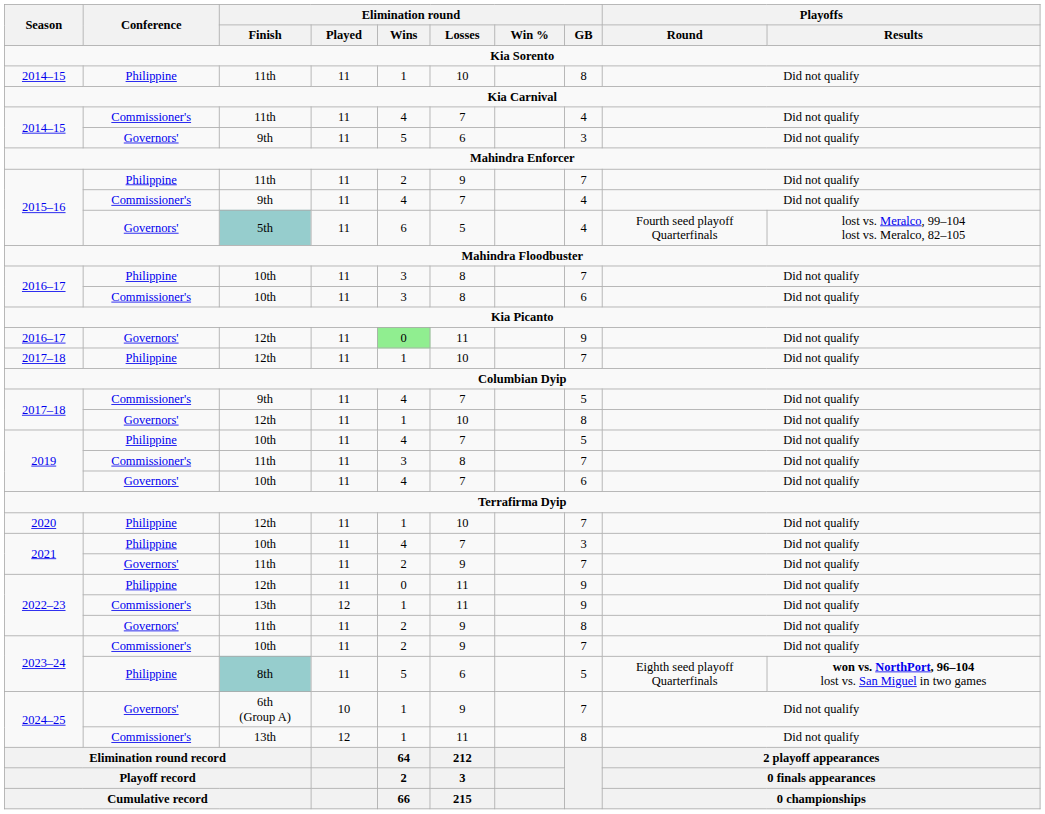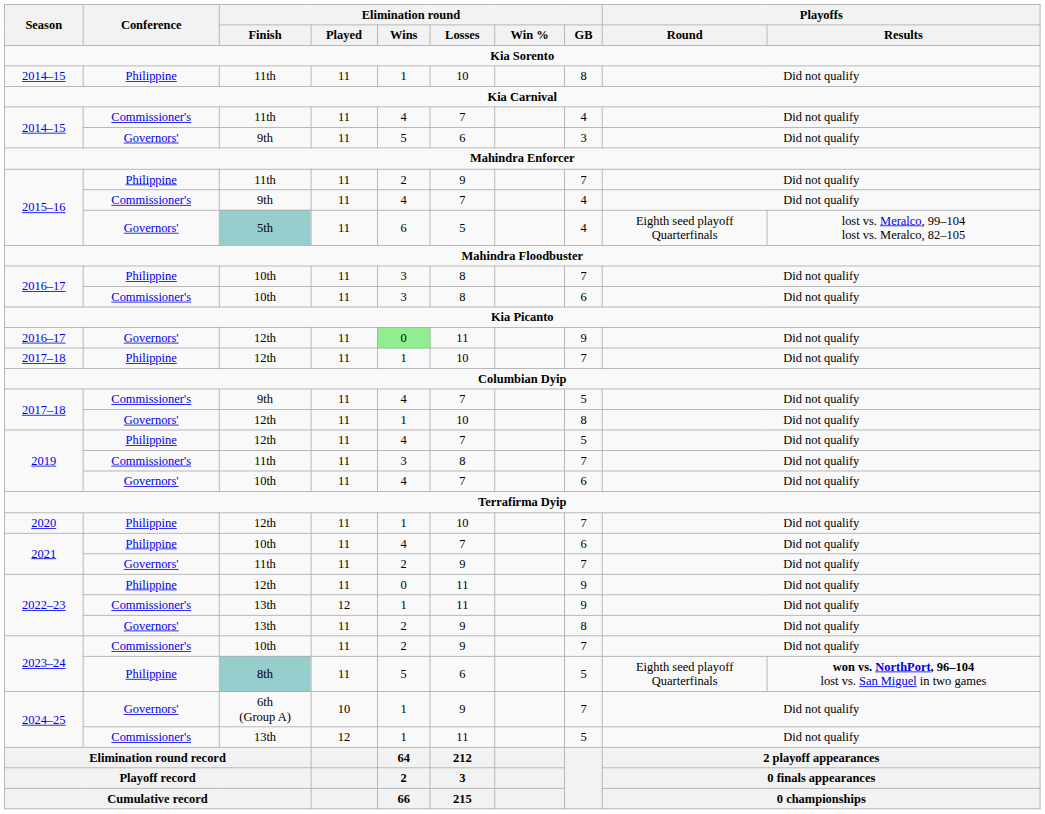 <table class="wikitable" style="width:100%; text-align:center; font-size:95%">
 <tr>
 <th rowspan=2>Season</th>
 <th rowspan=2>Conference</th>
 <th colspan=6>Elimination round</th>
 <th colspan=2>Playoffs</th>
 </tr>
 <tr>
 <th>Finish</th>
 <th>Played</th>
 <th>Wins</th>
 <th>Losses</th>
 <th>Win %</th>
 <th>GB</th>
 <th>Round</th>
 <th>Results</th>
 </tr>
 <tr>
 <td align="center" colspan="10"><strong>Kia Sorento</strong></td>
 </tr>
 <tr>
 <td><a href='#'>2014–15</a> <br> </td>
 <td><a href='#'>Philippine</a></td>
 <td>11th</td>
 <td>11</td>
 <td>1</td>
 <td>10</td>
 <td></td>
 <td>8</td>
 <td colspan=2>Did not qualify</td>
 </tr>
 <tr>
 <td align="center" colspan="10"><strong>Kia Carnival</strong></td>
 </tr>
 <tr>
 <td rowspan=2><a href='#'>2014–15</a> <br> </td>
 <td><a href='#'>Commissioner's</a></td>
 <td>11th</td>
 <td>11</td>
 <td>4</td>
 <td>7</td>
 <td></td>
 <td>4</td>
 <td colspan=2>Did not qualify</td>
 </tr>
 <tr>
 <td><a href='#'>Governors'</a></td>
 <td>9th</td>
 <td>11</td>
 <td>5</td>
 <td>6</td>
 <td></td>
 <td>3</td>
 <td colspan=2>Did not qualify</td>
 </tr>
 <tr>
 <td align="center" colspan="10"><strong>Mahindra Enforcer</strong></td>
 </tr>
 <tr>
 <td rowspan=3><a href='#'>2015–16</a> <br> </td>
 <td><a href='#'>Philippine</a></td>
 <td>11th</td>
 <td>11</td>
 <td>2</td>
 <td>9</td>
 <td></td>
 <td>7</td>
 <td colspan=2>Did not qualify</td>
 </tr>
 <tr>
 <td><a href='#'>Commissioner's</a></td>
 <td>9th</td>
 <td>11</td>
 <td>4</td>
 <td>7</td>
 <td></td>
 <td>4</td>
 <td colspan=2>Did not qualify</td>
 </tr>
 <tr>
 <td><a href='#'>Governors'</a></td>
 <td bgcolor="#96CDCD">5th</td>
 <td>11</td>
 <td>6</td>
 <td>5</td>
 <td></td>
 <td>4</td>
-<td>Fourth seed playoff <br> Quarterfinals</td>
+<td>Eighth seed playoff <br> Quarterfinals</td>
 <td>lost vs. <a href='#'>Meralco</a>, 99–104 <br> lost vs. Meralco, 82–105</td>
 </tr>
 <tr>
 <td align="center" colspan="10"><strong>Mahindra Floodbuster</strong></td>
 </tr>
 <tr>
 <td rowspan=2><a href='#'>2016–17</a> <br> </td>
 <td><a href='#'>Philippine</a></td>
 <td>10th</td>
 <td>11</td>
 <td>3</td>
 <td>8</td>
 <td></td>
 <td>7</td>
 <td colspan=2>Did not qualify</td>
 </tr>
 <tr>
 <td><a href='#'>Commissioner's</a></td>
 <td>10th</td>
 <td>11</td>
 <td>3</td>
 <td>8</td>
 <td></td>
 <td>6</td>
 <td colspan=2>Did not qualify</td>
 </tr>
 <tr>
 <td align="center" colspan="10"><strong>Kia Picanto</strong></td>
 </tr>
 <tr>
 <td><a href='#'>2016–17</a> <br> </td>
 <td><a href='#'>Governors'</a></td>
 <td>12th</td>
 <td>11</td>
 <td style="background: lightgreen;">0</td>
 <td>11</td>
 <td></td>
 <td>9</td>
 <td colspan=2>Did not qualify</td>
 </tr>
 <tr>
 <td><a href='#'>2017–18</a> <br> </td>
 <td><a href='#'>Philippine</a></td>
 <td>12th</td>
 <td>11</td>
 <td>1</td>
 <td>10</td>
 <td></td>
 <td>7</td>
 <td colspan=2>Did not qualify</td>
 </tr>
 <tr>
 <td align="center" colspan="10"><strong>Columbian Dyip</strong></td>
 </tr>
 <tr>
 <td rowspan=2><a href='#'>2017–18</a> <br> </td>
 <td><a href='#'>Commissioner's</a></td>
 <td>9th</td>
 <td>11</td>
 <td>4</td>
 <td>7</td>
 <td></td>
 <td>5</td>
 <td colspan=2>Did not qualify</td>
 </tr>
 <tr>
 <td><a href='#'>Governors'</a></td>
 <td>12th</td>
 <td>11</td>
 <td>1</td>
 <td>10</td>
 <td></td>
 <td>8</td>
 <td colspan=2>Did not qualify</td>
 </tr>
 <tr>
 <td rowspan=3><a href='#'>2019</a> <br> </td>
 <td><a href='#'>Philippine</a></td>
-<td>10th</td>
+<td>12th</td>
 <td>11</td>
 <td>4</td>
 <td>7</td>
 <td></td>
 <td>5</td>
 <td colspan=2>Did not qualify</td>
 </tr>
 <tr>
 <td><a href='#'>Commissioner's</a></td>
 <td>11th</td>
 <td>11</td>
 <td>3</td>
 <td>8</td>
 <td></td>
 <td>7</td>
 <td colspan=2>Did not qualify</td>
 </tr>
 <tr>
 <td><a href='#'>Governors'</a></td>
 <td>10th</td>
 <td>11</td>
 <td>4</td>
 <td>7</td>
 <td></td>
 <td>6</td>
 <td colspan=2>Did not qualify</td>
 </tr>
 <tr>
 <td align="center" colspan="10"><strong>Terrafirma Dyip</strong></td>
 </tr>
 <tr>
 <td><a href='#'>2020</a> <br> </td>
 <td><a href='#'>Philippine</a></td>
 <td>12th</td>
 <td>11</td>
 <td>1</td>
 <td>10</td>
 <td></td>
 <td>7</td>
 <td colspan=2>Did not qualify</td>
 </tr>
 <tr>
 <td rowspan=2><a href='#'>2021</a> <br> </td>
 <td><a href='#'>Philippine</a></td>
 <td>10th</td>
 <td>11</td>
 <td>4</td>
 <td>7</td>
 <td></td>
-<td>3</td>
+<td>6</td>
 <td colspan=2>Did not qualify</td>
 </tr>
 <tr>
 <td><a href='#'>Governors'</a></td>
 <td>11th</td>
 <td>11</td>
 <td>2</td>
 <td>9</td>
 <td></td>
 <td>7</td>
 <td colspan=2>Did not qualify</td>
 </tr>
 <tr>
 <td rowspan=3><a href='#'>2022–23</a> <br> </td>
 <td><a href='#'>Philippine</a></td>
 <td>12th</td>
 <td>11</td>
 <td>0</td>
 <td>11</td>
 <td></td>
 <td>9</td>
 <td colspan=2>Did not qualify</td>
 </tr>
 <tr>
 <td><a href='#'>Commissioner's</a></td>
 <td>13th</td>
 <td>12</td>
 <td>1</td>
 <td>11</td>
 <td></td>
 <td>9</td>
 <td colspan=2>Did not qualify</td>
 </tr>
 <tr>
 <td><a href='#'>Governors'</a></td>
-<td>11th</td>
+<td>13th</td>
 <td>11</td>
 <td>2</td>
 <td>9</td>
 <td></td>
 <td>8</td>
 <td colspan=2>Did not qualify</td>
 </tr>
 <tr>
 <td rowspan=2><a href='#'>2023–24</a> <br> </td>
 <td><a href='#'>Commissioner's</a></td>
 <td>10th</td>
 <td>11</td>
 <td>2</td>
 <td>9</td>
 <td></td>
 <td>7</td>
 <td colspan=2>Did not qualify</td>
 </tr>
 <tr>
 <td><a href='#'>Philippine</a></td>
 <td bgcolor="#96CDCD">8th</td>
 <td>11</td>
 <td>5</td>
 <td>6</td>
 <td></td>
 <td>5</td>
 <td>Eighth seed playoff <br> Quarterfinals</td>
 <td><strong>won vs. <a href='#'>NorthPort</a>, 96–104</strong> <br> lost vs. <a href='#'>San Miguel</a> in two games</td>
 </tr>
 <tr>
 <td rowspan=2><a href='#'>2024–25</a> <br> </td>
 <td><a href='#'>Governors'</a></td>
 <td>6th <br> (Group A)</td>
 <td>10</td>
 <td>1</td>
 <td>9</td>
 <td></td>
 <td>7</td>
 <td colspan=2>Did not qualify</td>
 </tr>
 <tr>
 <td><a href='#'>Commissioner's</a></td>
 <td>13th</td>
 <td>12</td>
 <td>1</td>
 <td>11</td>
 <td></td>
-<td>8</td>
+<td>5</td>
 <td colspan=2>Did not qualify</td>
 </tr>
 <tr>
 <th colspan=3>Elimination round record</th>
 <th></th>
 <th>64</th>
 <th>212</th>
 <th></th>
 <th rowspan=3></th>
 <th colspan=2>2 playoff appearances</th>
 </tr>
 <tr>
 <th colspan=3>Playoff record</th>
 <th></th>
 <th>2</th>
 <th>3</th>
 <th></th>
 <th colspan=2>0 finals appearances</th>
 </tr>
 <tr>
 <th colspan=3>Cumulative record</th>
 <th></th>
 <th>66</th>
 <th>215</th>
 <th></th>
 <th colspan=2>0 championships</th>
 </tr>
 </table>
